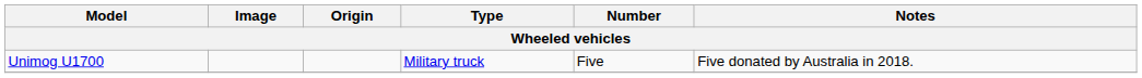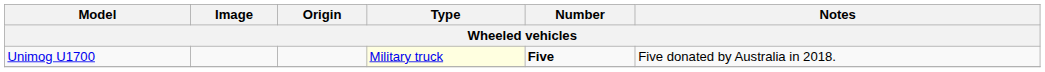 <table class="wikitable" style="width:100%;">
 <tr>
 <th style="width:center;">Model</th>
 <th style="width:center;">Image</th>
 <th style="width:center;">Origin</th>
 <th style="width:center;">Type</th>
 <th style="width:center;">Number</th>
 <th style="width:center;">Notes</th>
 </tr>
 <tr>
 <th colspan="6">Wheeled vehicles</th>
 </tr>
 <tr>
 <td><a href='#'>Unimog U1700</a></td>
 <td></td>
 <td></td>
-<td><a href='#'>Military truck</a></td>
-<td>Five</td>
+<td style="background: lightyellow;"><a href='#'>Military truck</a></td>
+<td><strong>Five</strong></td>
 <td>Five donated by Australia in 2018.</td>
 </tr>
 <tr>
 </tr>
 </table>
